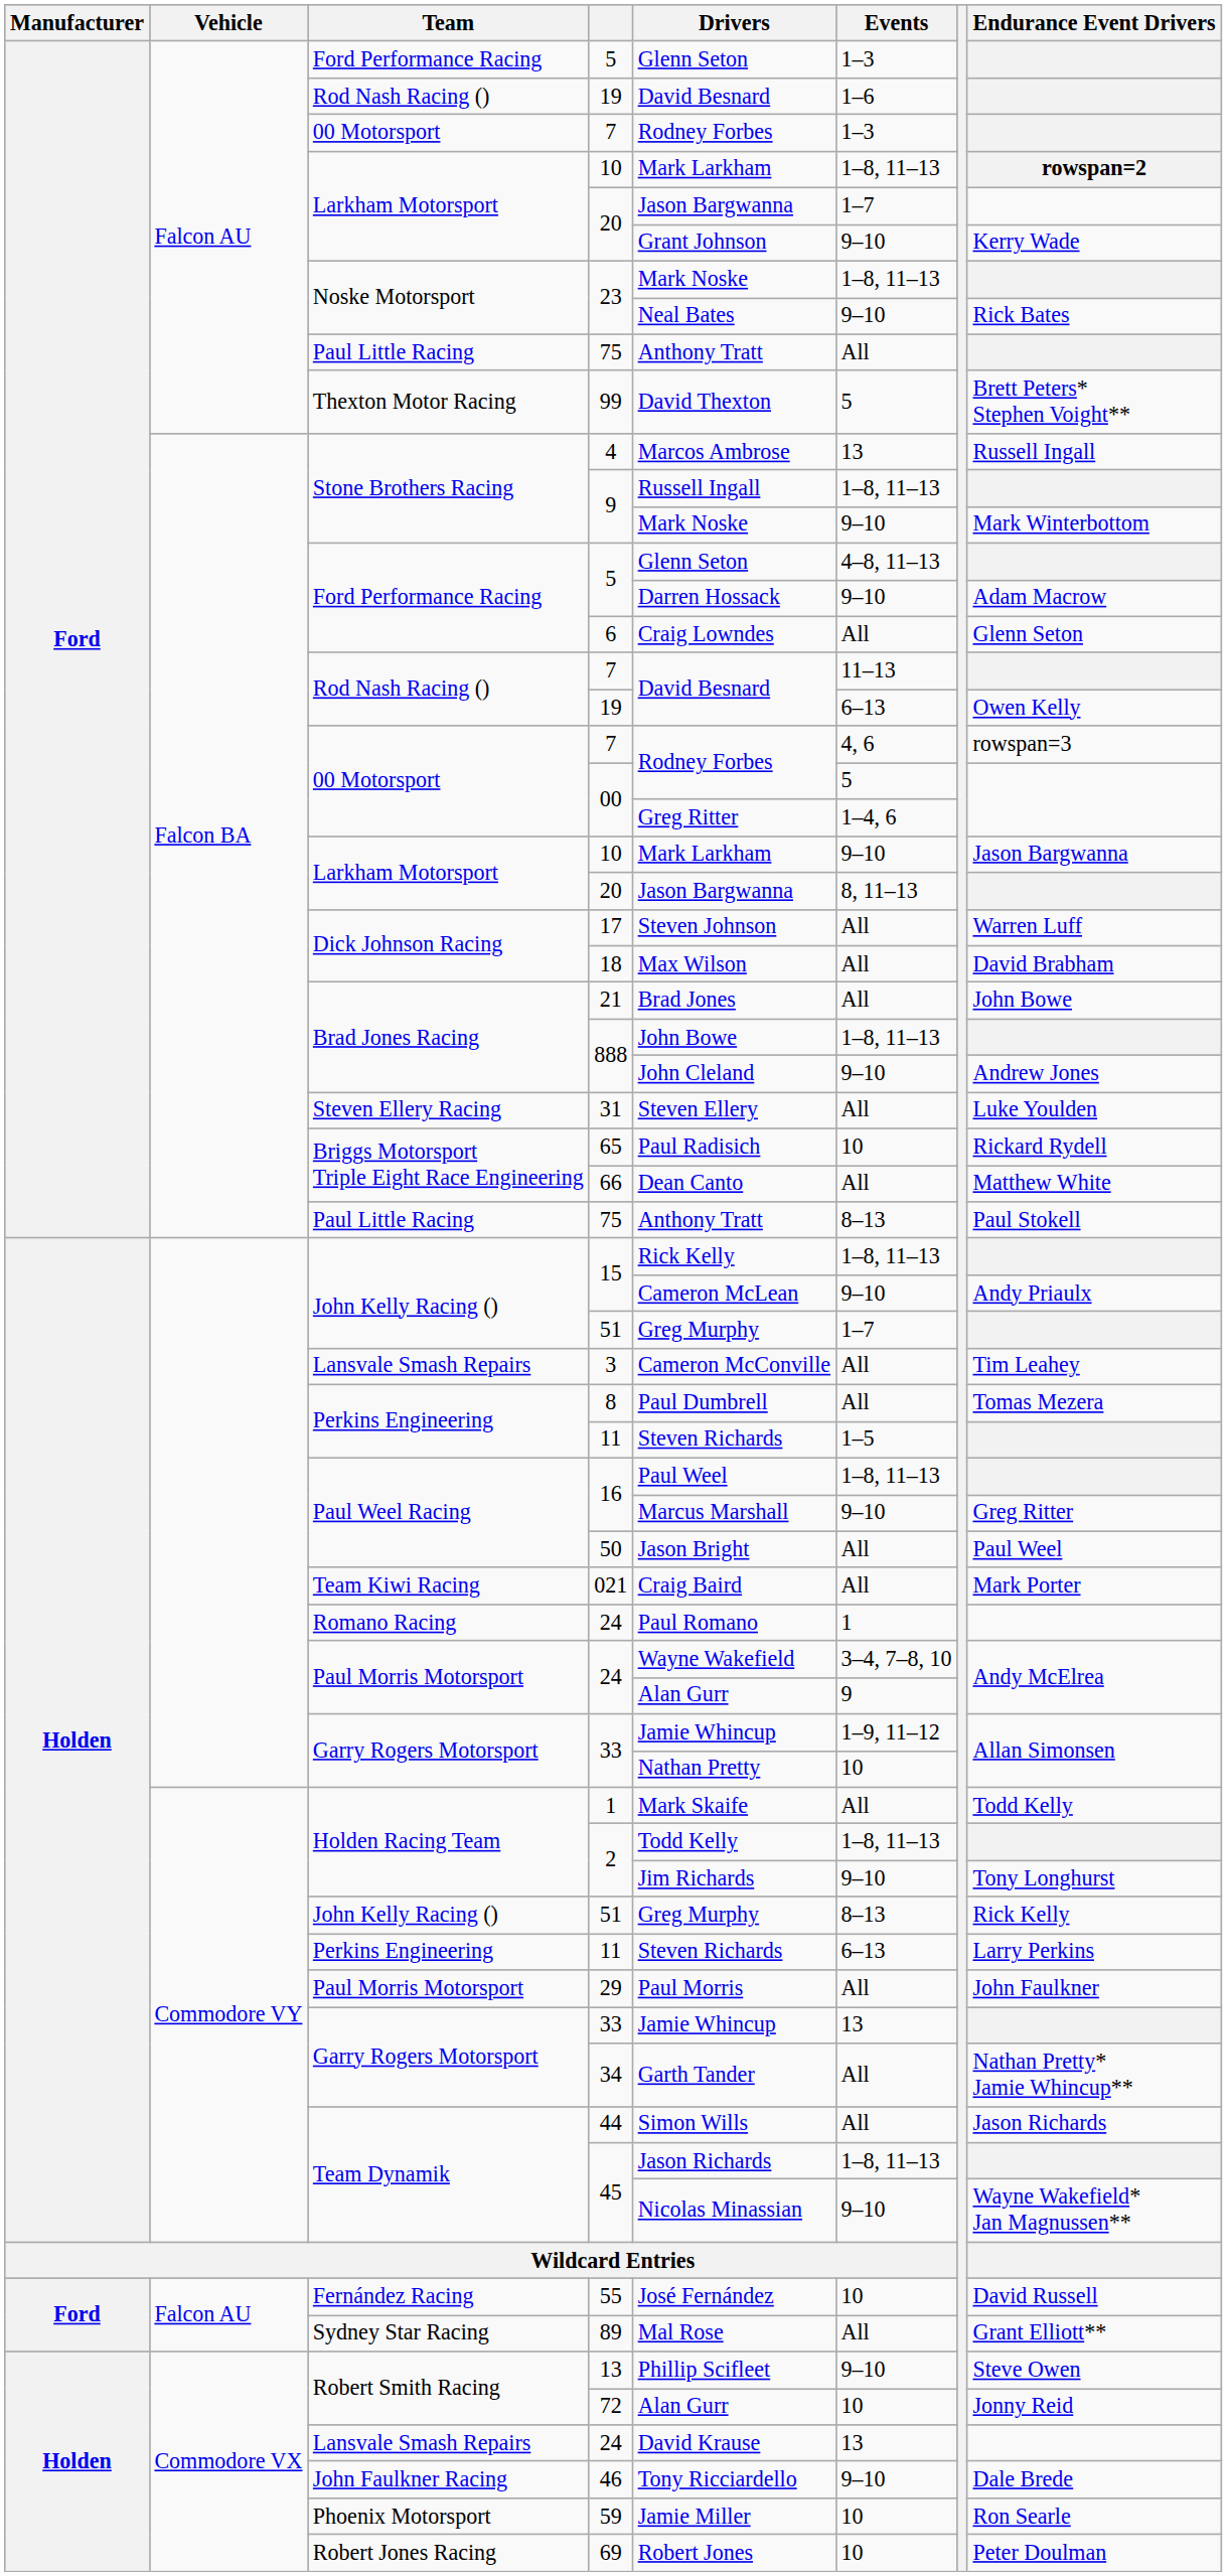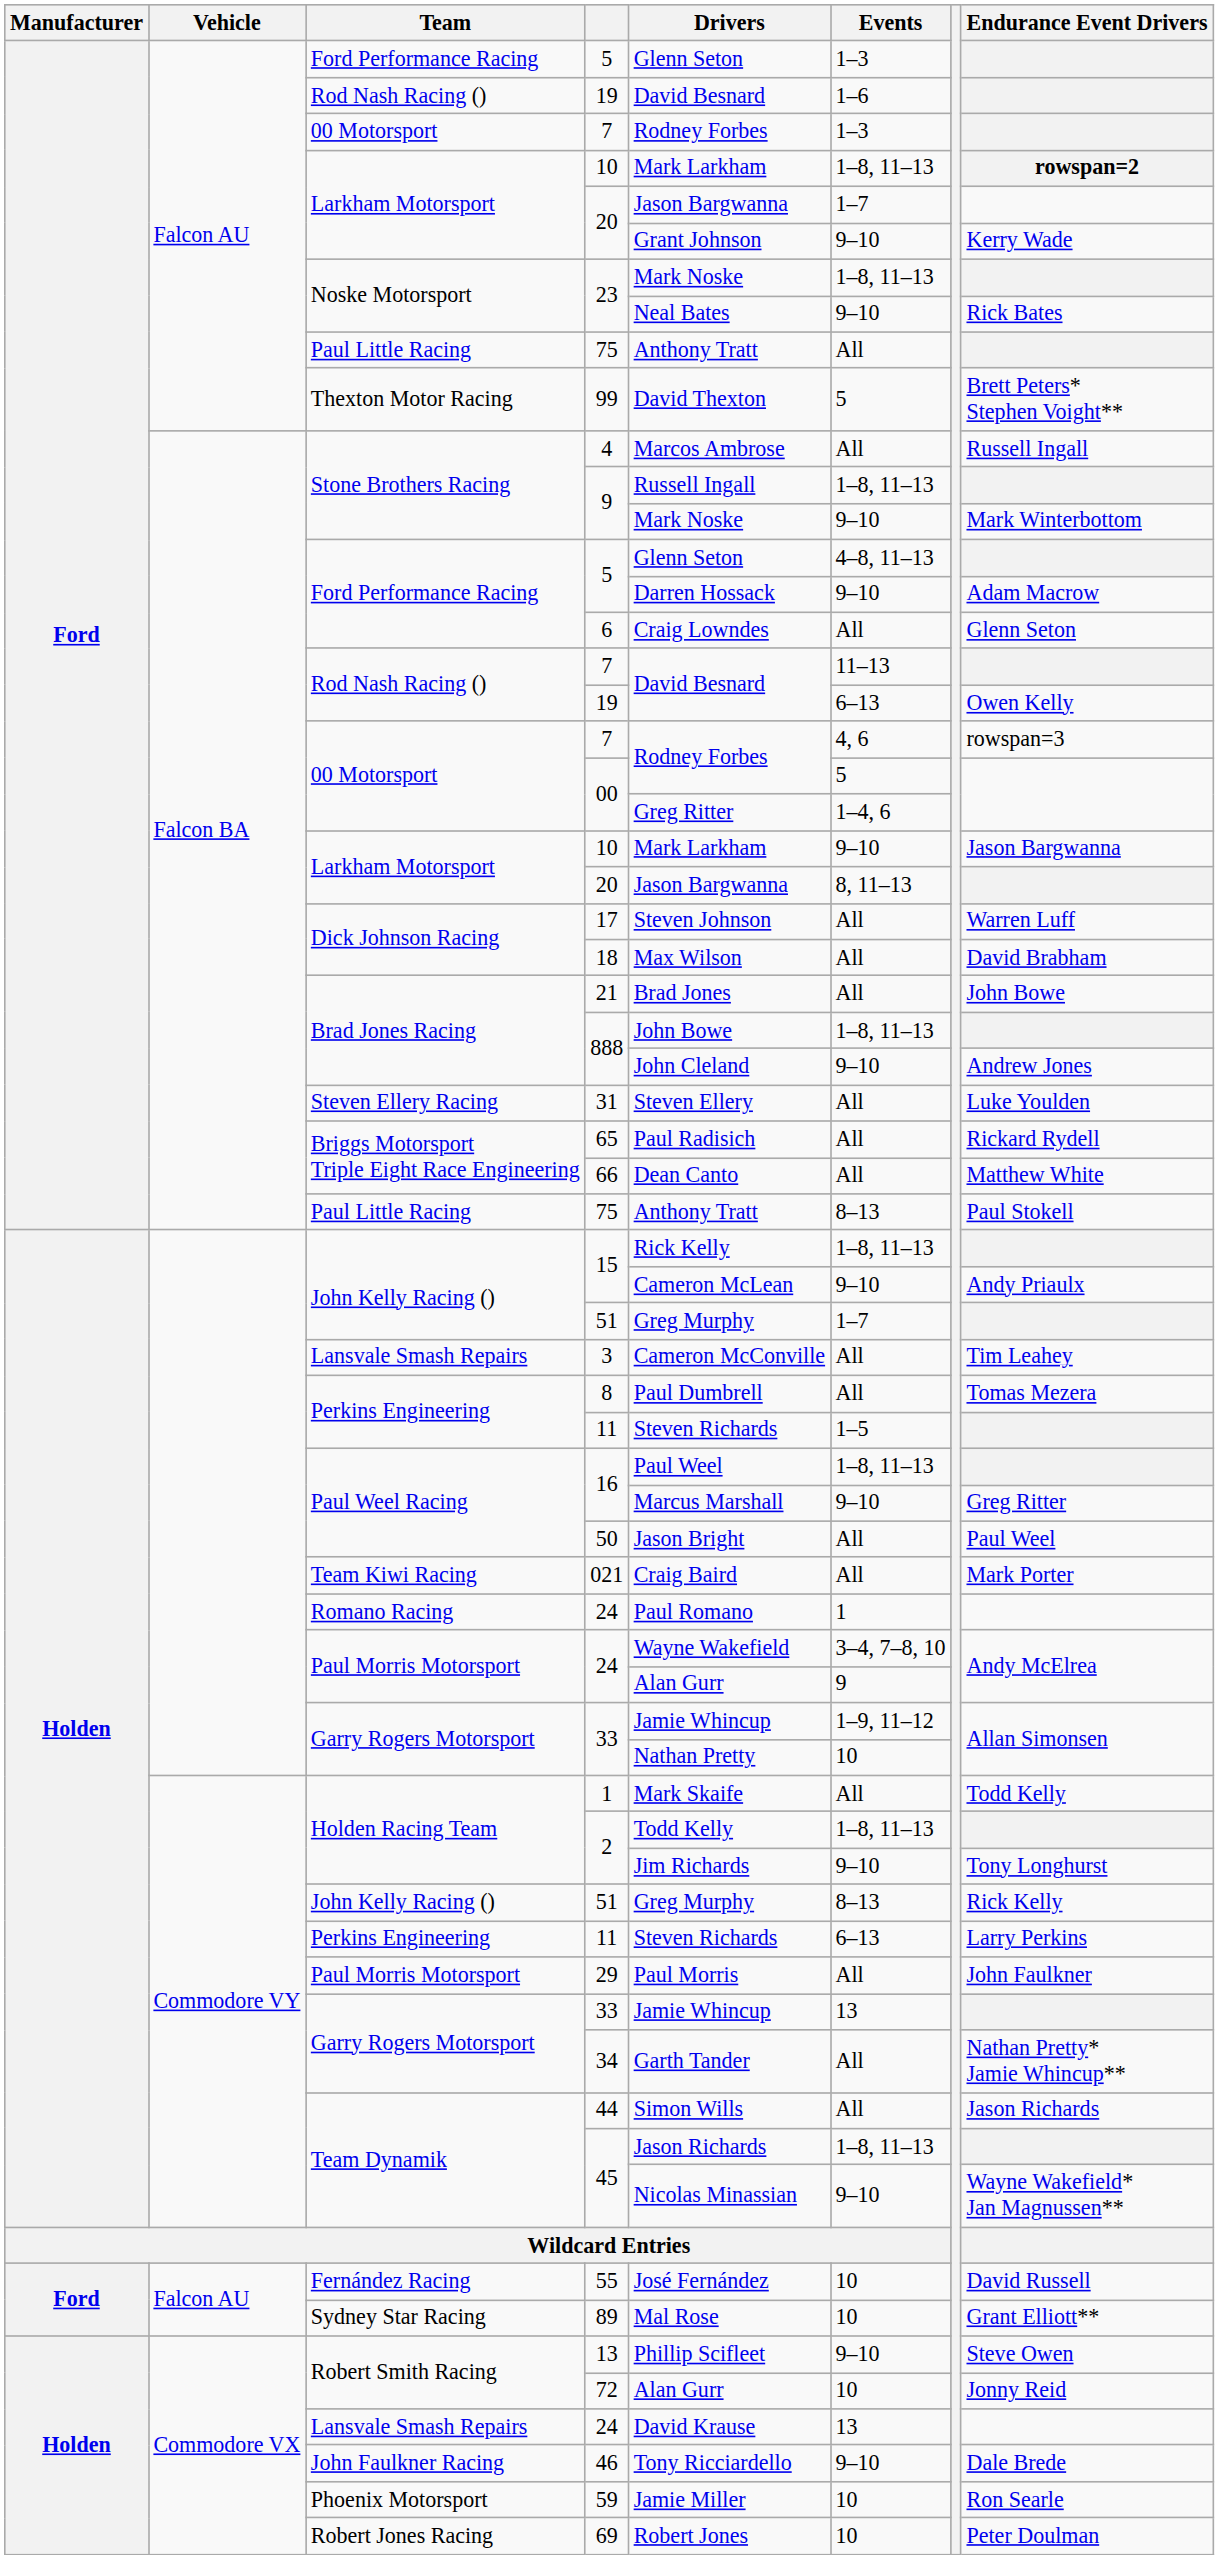 <table class="wikitable" style="font-size: 85%;">
 <tr>
 <th>Manufacturer</th>
 <th>Vehicle</th>
 <th>Team</th>
 <th></th>
 <th>Drivers</th>
 <th>Events</th>
 <th rowspan=80></th>
 <th>Endurance Event Drivers</th>
 </tr>
 <tr>
 <th rowspan=32><a href='#'>Ford</a></th>
 <td rowspan=10><a href='#'>Falcon AU</a></td>
 <td><a href='#'>Ford Performance Racing</a></td>
 <td align=center>5</td>
 <td> <a href='#'>Glenn Seton</a></td>
 <td>1–3</td>
 <th></th>
 </tr>
 <tr>
 <td><a href='#'>Rod Nash Racing</a> ()</td>
 <td align=center>19</td>
 <td> <a href='#'>David Besnard</a></td>
 <td>1–6</td>
 <th></th>
 </tr>
 <tr>
 <td><a href='#'>00 Motorsport</a></td>
 <td align=center>7</td>
 <td> <a href='#'>Rodney Forbes</a></td>
 <td>1–3</td>
 <th></th>
 </tr>
 <tr>
 <td rowspan=3><a href='#'>Larkham Motorsport</a></td>
 <td align=center>10</td>
 <td> <a href='#'>Mark Larkham</a></td>
 <td>1–8, 11–13</td>
 <th>rowspan=2 </th>
 </tr>
 <tr>
 <td rowspan=2 align=center>20</td>
 <td> <a href='#'>Jason Bargwanna</a></td>
 <td>1–7</td>
 </tr>
 <tr>
 <td> <a href='#'>Grant Johnson</a></td>
 <td>9–10</td>
 <td> <a href='#'>Kerry Wade</a></td>
 </tr>
 <tr>
 <td rowspan=2>Noske Motorsport</td>
 <td align=center rowspan=2>23</td>
 <td> <a href='#'>Mark Noske</a></td>
 <td>1–8, 11–13</td>
 <th></th>
 </tr>
 <tr>
 <td> <a href='#'>Neal Bates</a></td>
 <td>9–10</td>
 <td> <a href='#'>Rick Bates</a></td>
 </tr>
 <tr>
 <td><a href='#'>Paul Little Racing</a></td>
 <td align=center>75</td>
 <td> <a href='#'>Anthony Tratt</a></td>
 <td>All</td>
 <th></th>
 </tr>
 <tr>
 <td>Thexton Motor Racing</td>
 <td align=center>99</td>
 <td> <a href='#'>David Thexton</a></td>
 <td>5</td>
 <td> <a href='#'>Brett Peters</a>*<br>  <a href='#'>Stephen Voight</a>**</td>
 </tr>
 <tr>
 <td rowspan=22><a href='#'>Falcon BA</a></td>
 <td rowspan=3><a href='#'>Stone Brothers Racing</a></td>
 <td align=center>4</td>
 <td> <a href='#'>Marcos Ambrose</a></td>
-<td>13</td>
+<td>All</td>
 <td> <a href='#'>Russell Ingall</a></td>
 </tr>
 <tr>
 <td align=center rowspan=2>9</td>
 <td> <a href='#'>Russell Ingall</a></td>
 <td>1–8, 11–13</td>
 <th></th>
 </tr>
 <tr>
 <td> <a href='#'>Mark Noske</a></td>
 <td>9–10</td>
 <td> <a href='#'>Mark Winterbottom</a></td>
 </tr>
 <tr>
 <td rowspan=3><a href='#'>Ford Performance Racing</a></td>
 <td rowspan=2 align=center>5</td>
 <td> <a href='#'>Glenn Seton</a></td>
 <td>4–8, 11–13</td>
 <th></th>
 </tr>
 <tr>
 <td> <a href='#'>Darren Hossack</a></td>
 <td>9–10</td>
 <td> <a href='#'>Adam Macrow</a></td>
 </tr>
 <tr>
 <td align=center>6</td>
 <td> <a href='#'>Craig Lowndes</a></td>
 <td>All</td>
 <td> <a href='#'>Glenn Seton</a></td>
 </tr>
 <tr>
 <td rowspan=2><a href='#'>Rod Nash Racing</a> ()</td>
 <td align=center>7</td>
 <td rowspan=2> <a href='#'>David Besnard</a></td>
 <td>11–13</td>
 <th></th>
 </tr>
 <tr>
 <td align=center>19</td>
 <td>6–13</td>
 <td> <a href='#'>Owen Kelly</a></td>
 </tr>
 <tr>
 <td rowspan=3><a href='#'>00 Motorsport</a></td>
 <td align=center>7</td>
 <td rowspan=2> <a href='#'>Rodney Forbes</a></td>
 <td>4, 6</td>
 <td>rowspan=3  </td>
 </tr>
 <tr>
 <td align=center rowspan=2>00</td>
 <td>5</td>
 </tr>
 <tr>
 <td> <a href='#'>Greg Ritter</a></td>
 <td>1–4, 6</td>
 </tr>
 <tr>
 <td rowspan=2><a href='#'>Larkham Motorsport</a></td>
 <td align=center>10</td>
 <td> <a href='#'>Mark Larkham</a></td>
 <td>9–10</td>
 <td> <a href='#'>Jason Bargwanna</a></td>
 </tr>
 <tr>
 <td align=center>20</td>
 <td> <a href='#'>Jason Bargwanna</a></td>
 <td>8, 11–13</td>
 <th></th>
 </tr>
 <tr>
 <td rowspan=2><a href='#'>Dick Johnson Racing</a></td>
 <td align=center>17</td>
 <td> <a href='#'>Steven Johnson</a></td>
 <td>All</td>
 <td> <a href='#'>Warren Luff</a></td>
 </tr>
 <tr>
 <td align=center>18</td>
 <td> <a href='#'>Max Wilson</a></td>
 <td>All</td>
 <td> <a href='#'>David Brabham</a></td>
 </tr>
 <tr>
 <td rowspan=3><a href='#'>Brad Jones Racing</a></td>
 <td align=center>21</td>
 <td> <a href='#'>Brad Jones</a></td>
 <td>All</td>
 <td> <a href='#'>John Bowe</a></td>
 </tr>
 <tr>
 <td rowspan=2 align=center>888</td>
 <td> <a href='#'>John Bowe</a></td>
 <td>1–8, 11–13</td>
 <th></th>
 </tr>
 <tr>
 <td> <a href='#'>John Cleland</a></td>
 <td>9–10</td>
 <td> <a href='#'>Andrew Jones</a></td>
 </tr>
 <tr>
 <td><a href='#'>Steven Ellery Racing</a></td>
 <td align=center>31</td>
 <td> <a href='#'>Steven Ellery</a></td>
 <td>All</td>
 <td> <a href='#'>Luke Youlden</a></td>
 </tr>
 <tr>
 <td rowspan=2><a href='#'>Briggs Motorsport</a> <br><a href='#'>Triple Eight Race Engineering</a> </td>
 <td align=center>65</td>
 <td> <a href='#'>Paul Radisich</a></td>
-<td>10</td>
+<td>All</td>
 <td> <a href='#'>Rickard Rydell</a></td>
 </tr>
 <tr>
 <td align=center>66</td>
 <td> <a href='#'>Dean Canto</a></td>
 <td>All</td>
 <td> <a href='#'>Matthew White</a></td>
 </tr>
 <tr>
 <td><a href='#'>Paul Little Racing</a></td>
 <td align=center>75</td>
 <td> <a href='#'>Anthony Tratt</a></td>
 <td>8–13</td>
 <td> <a href='#'>Paul Stokell</a></td>
 </tr>
 <tr>
 <th rowspan=26><a href='#'>Holden</a></th>
 <td rowspan=15></td>
 <td rowspan=3><br><a href='#'>John Kelly Racing</a>  ()</td>
 <td rowspan=2 align=center>15</td>
 <td> <a href='#'>Rick Kelly</a></td>
 <td>1–8, 11–13</td>
 <th></th>
 </tr>
 <tr>
 <td> <a href='#'>Cameron McLean</a></td>
 <td>9–10</td>
 <td> <a href='#'>Andy Priaulx</a></td>
 </tr>
 <tr>
 <td align=center>51</td>
 <td> <a href='#'>Greg Murphy</a></td>
 <td>1–7</td>
 <th></th>
 </tr>
 <tr>
 <td><a href='#'>Lansvale Smash Repairs</a></td>
 <td align=center>3</td>
 <td> <a href='#'>Cameron McConville</a></td>
 <td>All</td>
 <td> <a href='#'>Tim Leahey</a></td>
 </tr>
 <tr>
 <td rowspan=2><a href='#'>Perkins Engineering</a></td>
 <td align=center>8</td>
 <td> <a href='#'>Paul Dumbrell</a></td>
 <td>All</td>
 <td> <a href='#'>Tomas Mezera</a></td>
 </tr>
 <tr>
 <td align=center>11</td>
 <td> <a href='#'>Steven Richards</a></td>
 <td>1–5</td>
 <th></th>
 </tr>
 <tr>
 <td rowspan=3><a href='#'>Paul Weel Racing</a></td>
 <td rowspan=2 align=center>16</td>
 <td> <a href='#'>Paul Weel</a></td>
 <td>1–8, 11–13</td>
 <th></th>
 </tr>
 <tr>
 <td> <a href='#'>Marcus Marshall</a></td>
 <td>9–10</td>
 <td> <a href='#'>Greg Ritter</a></td>
 </tr>
 <tr>
 <td align=center>50</td>
 <td> <a href='#'>Jason Bright</a></td>
 <td>All</td>
 <td> <a href='#'>Paul Weel</a></td>
 </tr>
 <tr>
 <td><a href='#'>Team Kiwi Racing</a></td>
 <td align=center>021</td>
 <td> <a href='#'>Craig Baird</a></td>
 <td>All</td>
 <td> <a href='#'>Mark Porter</a></td>
 </tr>
 <tr>
 <td><a href='#'>Romano Racing</a></td>
 <td align=center>24</td>
 <td> <a href='#'>Paul Romano</a></td>
 <td>1</td>
 <td></td>
 </tr>
 <tr>
 <td rowspan=2><a href='#'>Paul Morris Motorsport</a></td>
 <td rowspan=2 align=center>24</td>
 <td> <a href='#'>Wayne Wakefield</a></td>
 <td>3–4, 7–8, 10</td>
 <td rowspan=2> <a href='#'>Andy McElrea</a></td>
 </tr>
 <tr>
 <td> <a href='#'>Alan Gurr</a></td>
 <td>9</td>
 </tr>
 <tr>
 <td rowspan=2><a href='#'>Garry Rogers Motorsport</a></td>
 <td align=center rowspan=2>33</td>
 <td> <a href='#'>Jamie Whincup</a></td>
 <td>1–9, 11–12</td>
 <td rowspan=2> <a href='#'>Allan Simonsen</a></td>
 </tr>
 <tr>
 <td> <a href='#'>Nathan Pretty</a></td>
 <td>10</td>
 </tr>
 <tr>
 <td rowspan=11><a href='#'>Commodore VY</a></td>
 <td rowspan=3><a href='#'>Holden Racing Team</a></td>
 <td align=center>1</td>
 <td> <a href='#'>Mark Skaife</a></td>
 <td>All</td>
 <td> <a href='#'>Todd Kelly</a></td>
 </tr>
 <tr>
 <td align=center rowspan=2>2</td>
 <td> <a href='#'>Todd Kelly</a></td>
 <td>1–8, 11–13</td>
 <th></th>
 </tr>
 <tr>
 <td> <a href='#'>Jim Richards</a></td>
 <td>9–10</td>
 <td> <a href='#'>Tony Longhurst</a></td>
 </tr>
 <tr>
 <td><a href='#'>John Kelly Racing</a> ()</td>
 <td align=center>51</td>
 <td> <a href='#'>Greg Murphy</a></td>
 <td>8–13</td>
 <td> <a href='#'>Rick Kelly</a></td>
 </tr>
 <tr>
 <td><a href='#'>Perkins Engineering</a></td>
 <td align=center>11</td>
 <td> <a href='#'>Steven Richards</a></td>
 <td>6–13</td>
 <td> <a href='#'>Larry Perkins</a></td>
 </tr>
 <tr>
 <td><a href='#'>Paul Morris Motorsport</a></td>
 <td align=center>29</td>
 <td> <a href='#'>Paul Morris</a></td>
 <td>All</td>
 <td> <a href='#'>John Faulkner</a></td>
 </tr>
 <tr>
 <td rowspan=2><a href='#'>Garry Rogers Motorsport</a></td>
 <td align=center>33</td>
 <td> <a href='#'>Jamie Whincup</a></td>
 <td>13</td>
 <th></th>
 </tr>
 <tr>
 <td align=center>34</td>
 <td> <a href='#'>Garth Tander</a></td>
 <td>All</td>
 <td> <a href='#'>Nathan Pretty</a>*<br> <a href='#'>Jamie Whincup</a>**</td>
 </tr>
 <tr>
 <td rowspan=3><a href='#'>Team Dynamik</a></td>
 <td align=center>44</td>
 <td> <a href='#'>Simon Wills</a></td>
 <td>All</td>
 <td> <a href='#'>Jason Richards</a></td>
 </tr>
 <tr>
 <td align=center rowspan=2>45</td>
 <td> <a href='#'>Jason Richards</a></td>
 <td>1–8, 11–13</td>
 <th></th>
 </tr>
 <tr>
 <td> <a href='#'>Nicolas Minassian</a></td>
 <td>9–10</td>
 <td> <a href='#'>Wayne Wakefield</a>*<br> <a href='#'>Jan Magnussen</a>**</td>
 </tr>
 <tr>
 <th colspan=8>Wildcard Entries</th>
 </tr>
 <tr>
 <th rowspan=2><a href='#'>Ford</a></th>
 <td rowspan=2><a href='#'>Falcon AU</a></td>
 <td><a href='#'>Fernández Racing</a></td>
 <td align=center>55</td>
 <td> <a href='#'>José Fernández</a></td>
 <td>10</td>
 <td> <a href='#'>David Russell</a></td>
 </tr>
 <tr>
 <td>Sydney Star Racing</td>
 <td align=center>89</td>
 <td> <a href='#'>Mal Rose</a></td>
-<td>All</td>
+<td>10</td>
 <td> <a href='#'>Grant Elliott</a>**</td>
 </tr>
 <tr>
 <th rowspan=6><a href='#'>Holden</a></th>
 <td rowspan=6><a href='#'>Commodore VX</a></td>
 <td rowspan=2>Robert Smith Racing</td>
 <td align=center>13</td>
 <td> <a href='#'>Phillip Scifleet</a></td>
 <td>9–10</td>
 <td> <a href='#'>Steve Owen</a></td>
 </tr>
 <tr>
 <td align=center>72</td>
 <td> <a href='#'>Alan Gurr</a></td>
 <td>10</td>
 <td> <a href='#'>Jonny Reid</a></td>
 </tr>
 <tr>
 <td><a href='#'>Lansvale Smash Repairs</a></td>
 <td align=center>24</td>
 <td> <a href='#'>David Krause</a></td>
 <td>13</td>
 <td></td>
 </tr>
 <tr>
 <td><a href='#'>John Faulkner Racing</a></td>
 <td align=center>46</td>
 <td> <a href='#'>Tony Ricciardello</a></td>
 <td>9–10</td>
 <td> <a href='#'>Dale Brede</a></td>
 </tr>
 <tr>
 <td>Phoenix Motorsport</td>
 <td align=center>59</td>
 <td> <a href='#'>Jamie Miller</a></td>
 <td>10</td>
 <td> <a href='#'>Ron Searle</a></td>
 </tr>
 <tr>
 <td>Robert Jones Racing</td>
 <td align=center>69</td>
 <td> <a href='#'>Robert Jones</a></td>
 <td>10</td>
 <td> <a href='#'>Peter Doulman</a></td>
 </tr>
 </table>
